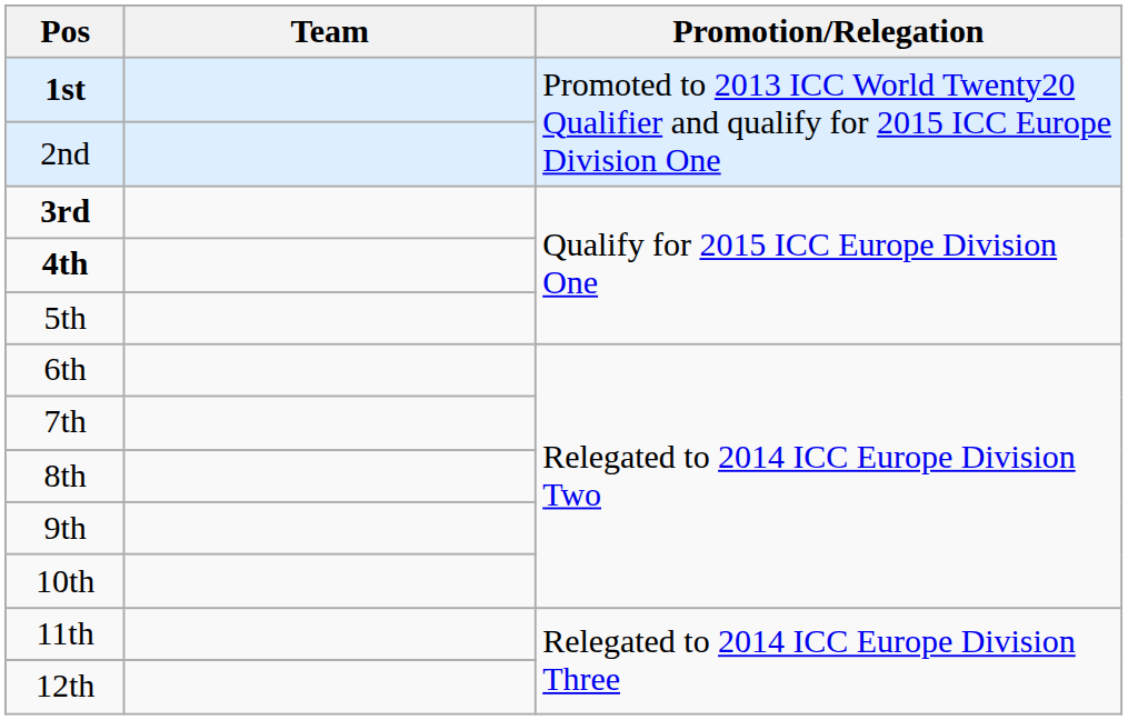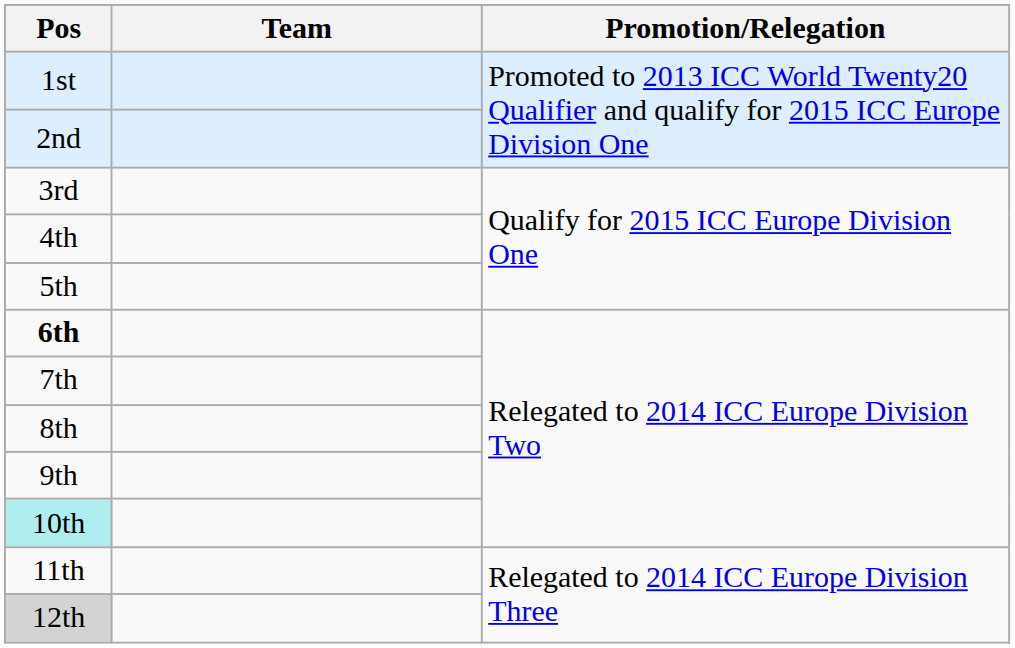 <table class="wikitable">
 <tr>
 <th width=50>Pos</th>
 <th width=190>Team</th>
 <th width=275>Promotion/Relegation</th>
 </tr>
 <tr style="background:#def;">
-<td style="text-align:center;"><strong>1st</strong></td>
+<td style="text-align:center;">1st</td>
 <td></td>
 <td rowspan=2>Promoted to <a href='#'>2013 ICC World Twenty20 Qualifier</a> and qualify for <a href='#'>2015 ICC Europe Division One</a></td>
 </tr>
 <tr style="background:#def;">
 <td style="text-align:center;">2nd</td>
 <td></td>
 </tr>
 <tr style=“background:#cfc;”>
-<td style="text-align:center;"><strong>3rd</strong></td>
+<td style="text-align:center;">3rd</td>
 <td></td>
 <td rowspan=3>Qualify for <a href='#'>2015 ICC Europe Division One</a></td>
 </tr>
 <tr style=“background:#cfc;”>
-<td style="text-align:center;"><strong>4th</strong></td>
+<td style="text-align:center;">4th</td>
 <td></td>
 </tr>
 <tr style=“background:#cfc;”>
 <td style="text-align:center;">5th</td>
 <td></td>
 </tr>
 <tr style=“background:#cfc;”>
-<td style="text-align:center;">6th</td>
+<td style="text-align:center;"><strong>6th</strong></td>
 <td></td>
 <td rowspan=5>Relegated to <a href='#'>2014 ICC Europe Division Two</a></td>
 </tr>
 <tr>
 <td style="text-align:center;">7th</td>
 <td></td>
 </tr>
 <tr>
 <td style="text-align:center;">8th</td>
 <td></td>
 </tr>
 <tr>
 <td style="text-align:center;">9th</td>
 <td></td>
 </tr>
 <tr>
-<td style="text-align:center;">10th</td>
+<td style="background: paleturquoise; text-align:center;">10th</td>
 <td></td>
 </tr>
 <tr>
 <td style="text-align:center;">11th</td>
 <td></td>
 <td rowspan=2>Relegated to <a href='#'>2014 ICC Europe Division Three</a></td>
 </tr>
 <tr>
-<td style="text-align:center;">12th</td>
+<td style="background: lightgrey; text-align:center;">12th</td>
 <td></td>
 </tr>
 </table>
